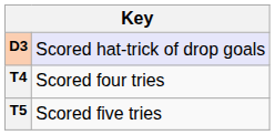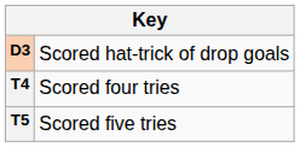 <table class="wikitable plainrowheaders">
 <tr>
 <th colspan="2" scope="col">Key</th>
 </tr>
 <tr>
 <th align="left" style="background-color:#FBCEB1" scope="row"><sup>D3</sup></th>
-<td align="left" style="background: lavender;">Scored hat-trick of drop goals</td>
+<td align="left">Scored hat-trick of drop goals</td>
 </tr>
 <tr>
 <th align="left" scope="row"><sup>T4</sup></th>
 <td align="left">Scored four tries</td>
 </tr>
 <tr>
 <th align="left" scope="row"><sup>T5</sup></th>
 <td align="left">Scored five tries</td>
 </tr>
 </table>
